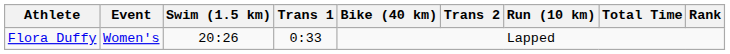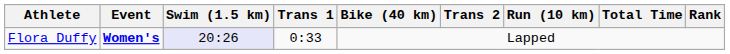 <table class="wikitable" style="font-size:90%">
 <tr>
 <th>Athlete</th>
 <th>Event</th>
 <th>Swim (1.5 km)</th>
 <th>Trans 1</th>
 <th>Bike (40 km)</th>
 <th>Trans 2</th>
 <th>Run (10 km)</th>
 <th>Total Time</th>
 <th>Rank</th>
 </tr>
 <tr align=center>
 <td align=left><a href='#'>Flora Duffy</a></td>
-<td align=left><a href='#'>Women's</a></td>
-<td>20:26</td>
+<td align=left><strong><a href='#'>Women's</a></strong></td>
+<td style="background: lavender;">20:26</td>
 <td>0:33</td>
 <td colspan=5>Lapped</td>
 </tr>
 </table>
